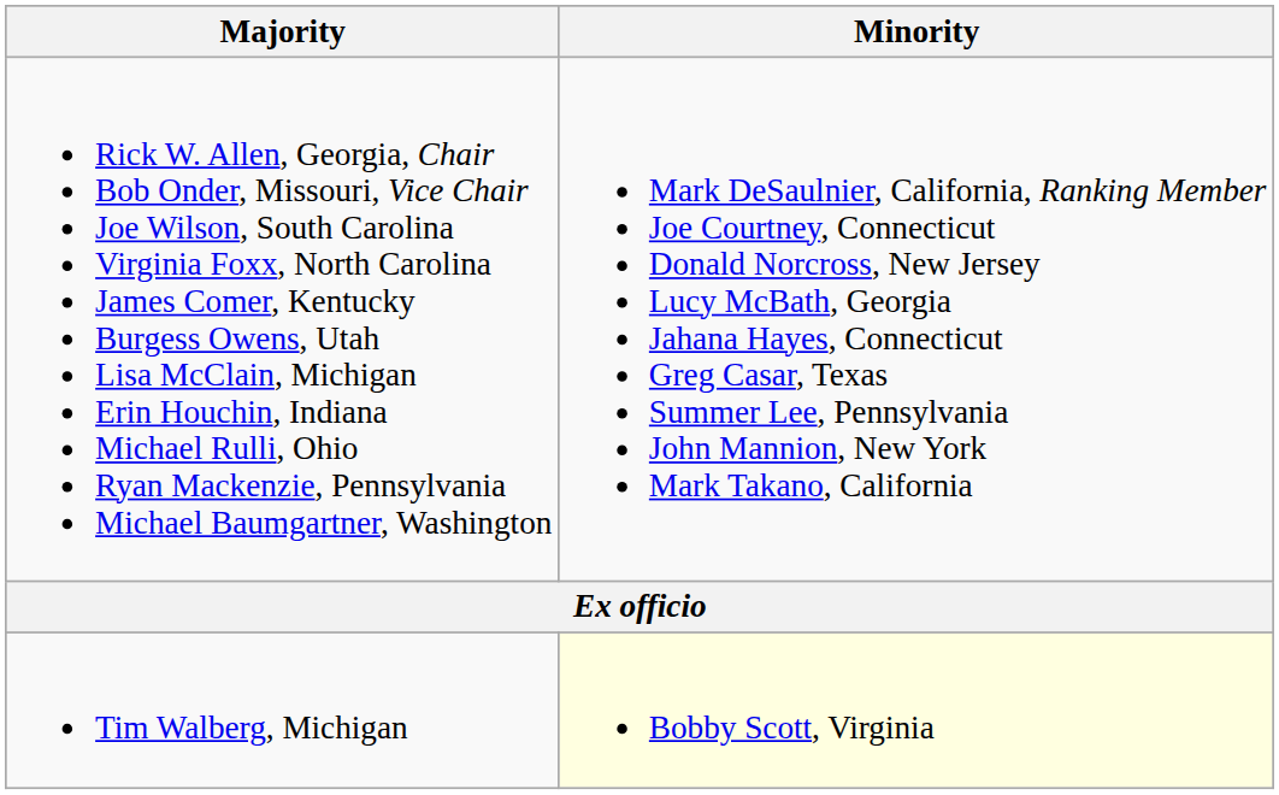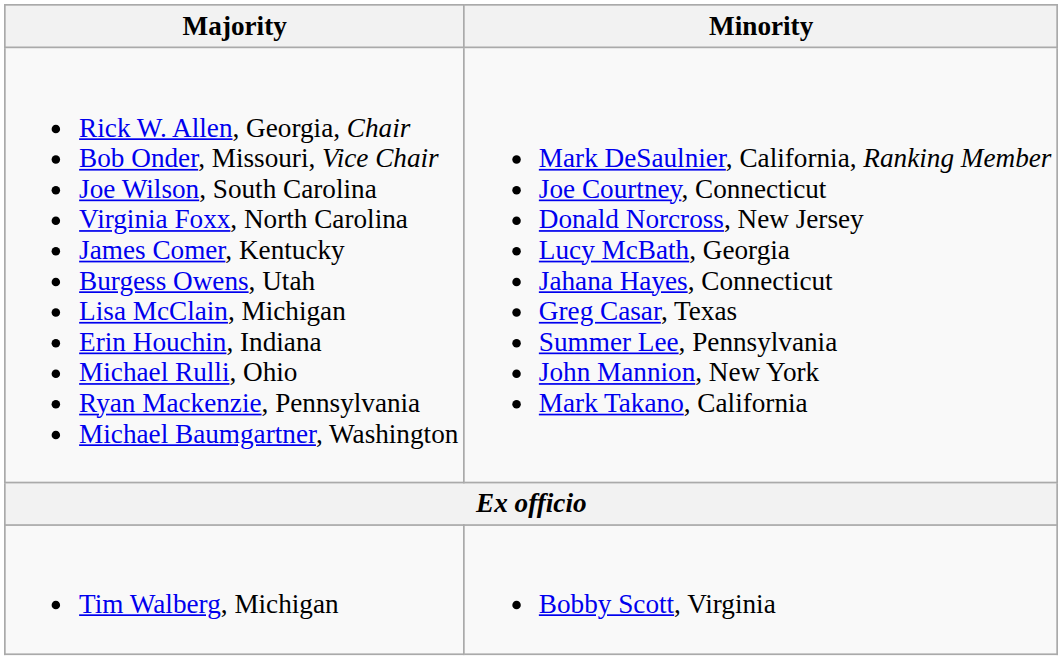 <table class=wikitable>
 <tr>
 <th>Majority</th>
 <th>Minority</th>
 </tr>
 <tr>
 <td><br><ul><li><a href='#'>Rick W. Allen</a>, Georgia, <em>Chair</em></li><li><a href='#'>Bob Onder</a>, Missouri, <em>Vice Chair</em></li><li><a href='#'>Joe Wilson</a>, South Carolina</li><li><a href='#'>Virginia Foxx</a>, North Carolina</li><li><a href='#'>James Comer</a>, Kentucky</li><li><a href='#'>Burgess Owens</a>, Utah</li><li><a href='#'>Lisa McClain</a>, Michigan</li><li><a href='#'>Erin Houchin</a>, Indiana</li><li><a href='#'>Michael Rulli</a>, Ohio</li><li><a href='#'>Ryan Mackenzie</a>, Pennsylvania</li><li><a href='#'>Michael Baumgartner</a>, Washington</li></ul></td>
 <td><br><ul><li><a href='#'>Mark DeSaulnier</a>, California, <em>Ranking Member</em></li><li><a href='#'>Joe Courtney</a>, Connecticut</li><li><a href='#'>Donald Norcross</a>, New Jersey</li><li><a href='#'>Lucy McBath</a>, Georgia</li><li><a href='#'>Jahana Hayes</a>, Connecticut</li><li><a href='#'>Greg Casar</a>, Texas</li><li><a href='#'>Summer Lee</a>, Pennsylvania</li><li><a href='#'>John Mannion</a>, New York</li><li><a href='#'>Mark Takano</a>, California</li></ul></td>
 </tr>
 <tr>
 <th colspan=2><em>Ex officio</em></th>
 </tr>
 <tr>
 <td><br><ul><li><a href='#'>Tim Walberg</a>, Michigan</li></ul></td>
-<td style="background: lightyellow;"><br><ul><li><a href='#'>Bobby Scott</a>, Virginia</li></ul></td>
+<td><br><ul><li><a href='#'>Bobby Scott</a>, Virginia</li></ul></td>
 </tr>
 </table>
